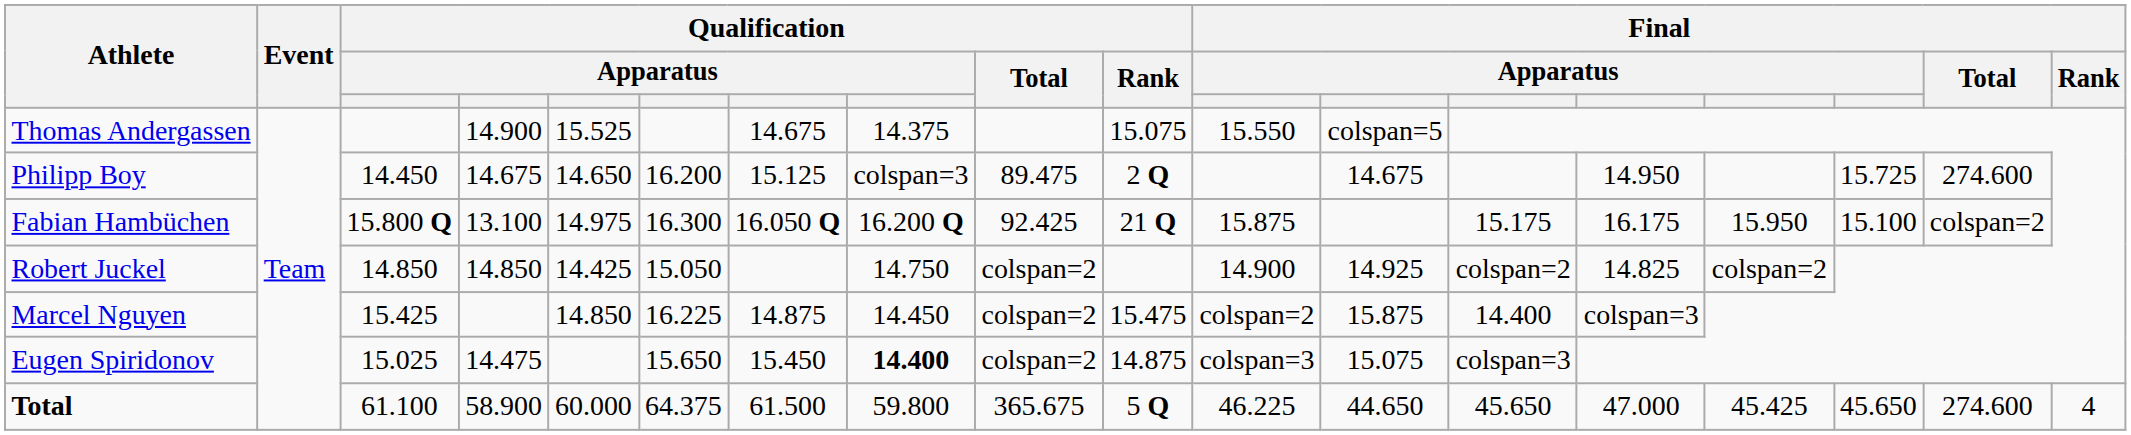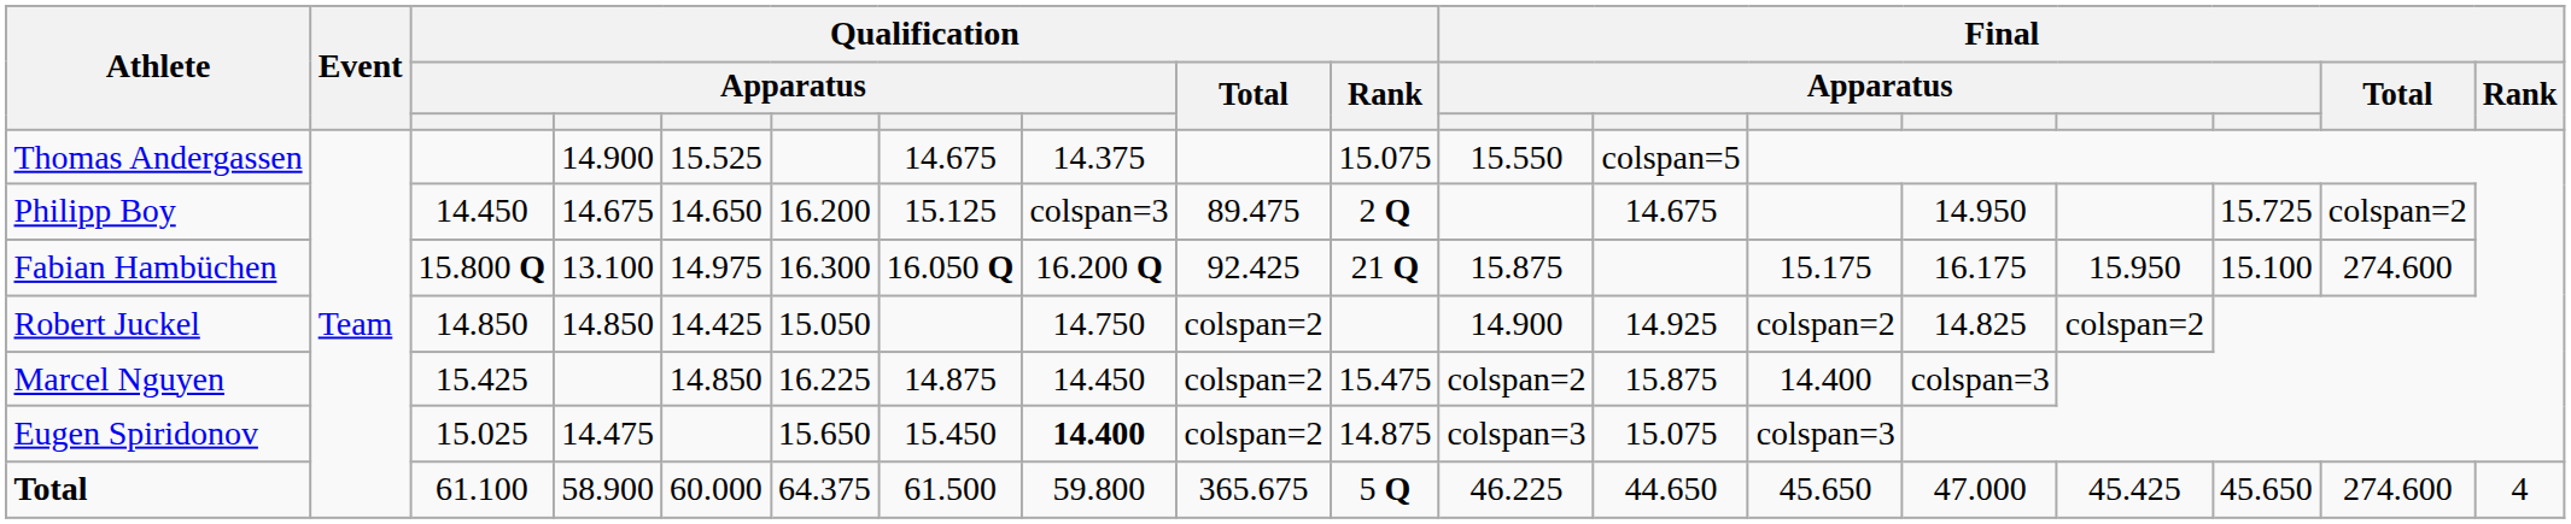 <table class="wikitable" style="font-size:90%">
 <tr>
 <th rowspan=3>Athlete</th>
 <th rowspan=3>Event</th>
 <th colspan =8>Qualification</th>
 <th colspan =8>Final</th>
 </tr>
 <tr style="font-size:95%">
 <th colspan=6>Apparatus</th>
 <th rowspan=2>Total</th>
 <th rowspan=2>Rank</th>
 <th colspan=6>Apparatus</th>
 <th rowspan=2>Total</th>
 <th rowspan=2>Rank</th>
 </tr>
 <tr style="font-size:95%">
 <th></th>
 <th></th>
 <th></th>
 <th></th>
 <th></th>
 <th></th>
 <th></th>
 <th></th>
 <th></th>
 <th></th>
 <th></th>
 <th></th>
 </tr>
 <tr align=center>
 <td align=left><a href='#'>Thomas Andergassen</a></td>
 <td rowspan=7 align=left><a href='#'>Team</a></td>
 <td></td>
 <td>14.900</td>
 <td>15.525</td>
 <td></td>
 <td>14.675</td>
 <td>14.375</td>
 <td></td>
 <td>15.075</td>
 <td>15.550</td>
 <td>colspan=5 </td>
 </tr>
 <tr align=center>
 <td align=left><a href='#'>Philipp Boy</a></td>
 <td>14.450</td>
 <td>14.675</td>
 <td>14.650</td>
 <td>16.200</td>
 <td>15.125</td>
 <td>colspan=3 </td>
 <td>89.475</td>
 <td>2 <strong>Q</strong></td>
 <td></td>
 <td>14.675</td>
 <td></td>
 <td>14.950</td>
 <td></td>
 <td>15.725</td>
-<td>274.600</td>
+<td>colspan=2 </td>
 </tr>
 <tr align=center>
 <td align=left><a href='#'>Fabian Hambüchen</a></td>
 <td>15.800 <strong>Q</strong></td>
 <td>13.100</td>
 <td>14.975</td>
 <td>16.300</td>
 <td>16.050 <strong>Q</strong></td>
 <td>16.200 <strong>Q</strong></td>
 <td>92.425</td>
 <td>21 <strong>Q</strong></td>
 <td>15.875</td>
 <td></td>
 <td>15.175</td>
 <td>16.175</td>
 <td>15.950</td>
 <td>15.100</td>
-<td>colspan=2 </td>
+<td>274.600</td>
 </tr>
 <tr align=center>
 <td align=left><a href='#'>Robert Juckel</a></td>
 <td>14.850</td>
 <td>14.850</td>
 <td>14.425</td>
 <td>15.050</td>
 <td></td>
 <td>14.750</td>
 <td>colspan=2 </td>
 <td></td>
 <td>14.900</td>
 <td>14.925</td>
 <td>colspan=2 </td>
 <td>14.825</td>
 <td>colspan=2 </td>
 </tr>
 <tr align=center>
 <td align=left><a href='#'>Marcel Nguyen</a></td>
 <td>15.425</td>
 <td></td>
 <td>14.850</td>
 <td>16.225</td>
 <td>14.875</td>
 <td>14.450</td>
 <td>colspan=2 </td>
 <td>15.475</td>
 <td>colspan=2 </td>
 <td>15.875</td>
 <td>14.400</td>
 <td>colspan=3 </td>
 </tr>
 <tr align=center>
 <td align=left><a href='#'>Eugen Spiridonov</a></td>
 <td>15.025</td>
 <td>14.475</td>
 <td></td>
 <td>15.650</td>
 <td>15.450</td>
 <td><strong>14.400</strong></td>
 <td>colspan=2 </td>
 <td>14.875</td>
 <td>colspan=3 </td>
 <td>15.075</td>
 <td>colspan=3 </td>
 </tr>
 <tr align=center>
 <td align=left><strong>Total</strong></td>
 <td>61.100</td>
 <td>58.900</td>
 <td>60.000</td>
 <td>64.375</td>
 <td>61.500</td>
 <td>59.800</td>
 <td>365.675</td>
 <td>5 <strong>Q</strong></td>
 <td>46.225</td>
 <td>44.650</td>
 <td>45.650</td>
 <td>47.000</td>
 <td>45.425</td>
 <td>45.650</td>
 <td>274.600</td>
 <td>4</td>
 </tr>
 </table>
